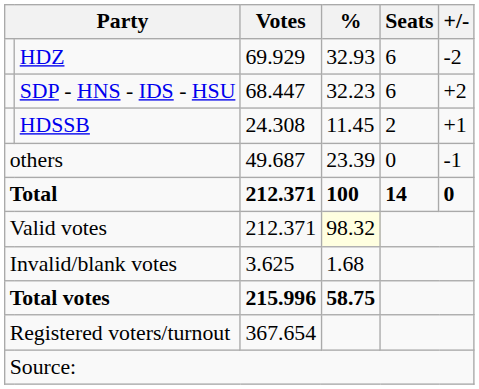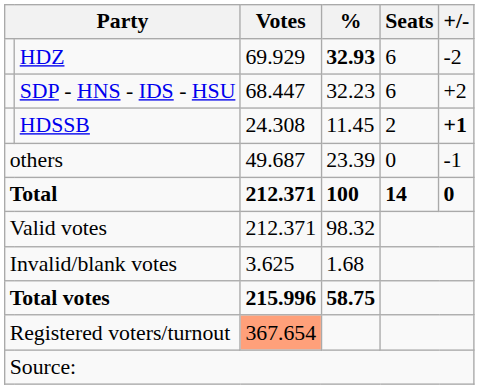 <table class="wikitable" style="text-align: left;">
 <tr>
 <th colspan="2">Party</th>
 <th>Votes</th>
 <th>%</th>
 <th>Seats</th>
 <th>+/-</th>
 </tr>
 <tr>
 <td style="background-color: "></td>
 <td><a href='#'>HDZ</a></td>
 <td>69.929</td>
-<td>32.93</td>
+<td><strong>32.93</strong></td>
 <td>6</td>
 <td>-2</td>
 </tr>
 <tr>
 <td style="background-color: "></td>
 <td><a href='#'>SDP</a> - <a href='#'>HNS</a> - <a href='#'>IDS</a> - <a href='#'>HSU</a></td>
 <td>68.447</td>
 <td>32.23</td>
 <td>6</td>
 <td>+2</td>
 </tr>
 <tr>
 <td style="background-color: "></td>
 <td><a href='#'>HDSSB</a></td>
 <td>24.308</td>
 <td>11.45</td>
 <td>2</td>
-<td>+1</td>
+<td><strong>+1</strong></td>
 </tr>
 <tr>
 <td colspan="2">others</td>
 <td>49.687</td>
 <td>23.39</td>
 <td>0</td>
 <td>-1</td>
 </tr>
 <tr>
 <td colspan="2"><strong>Total</strong></td>
 <td><strong>212.371</strong></td>
 <td><strong>100</strong></td>
 <td><strong>14</strong></td>
 <td><strong>0</strong></td>
 </tr>
 <tr>
 <td colspan="2">Valid votes</td>
 <td>212.371</td>
-<td style="background: lightyellow;">98.32</td>
+<td>98.32</td>
 <td colspan="2"></td>
 </tr>
 <tr>
 <td colspan="2">Invalid/blank votes</td>
 <td>3.625</td>
 <td>1.68</td>
 <td colspan="2"></td>
 </tr>
 <tr>
 <td colspan="2"><strong>Total votes</strong></td>
 <td><strong>215.996</strong></td>
 <td><strong>58.75</strong></td>
 <td colspan="2"></td>
 </tr>
 <tr>
 <td colspan="2">Registered voters/turnout</td>
-<td votes14="5343">367.654</td>
+<td votes14="5343" style="background: lightsalmon;">367.654</td>
 <td></td>
 <td colspan="2"></td>
 </tr>
 <tr>
 <td colspan="6">Source: </td>
 </tr>
 </table>
